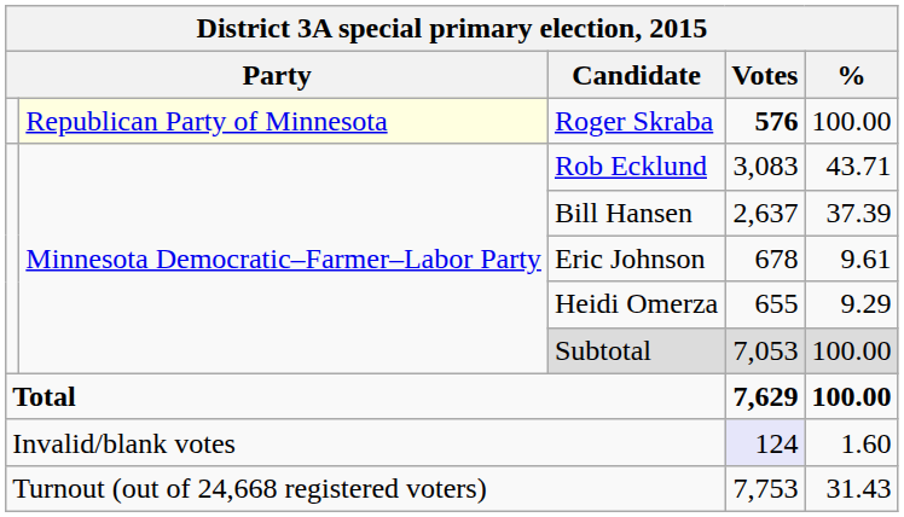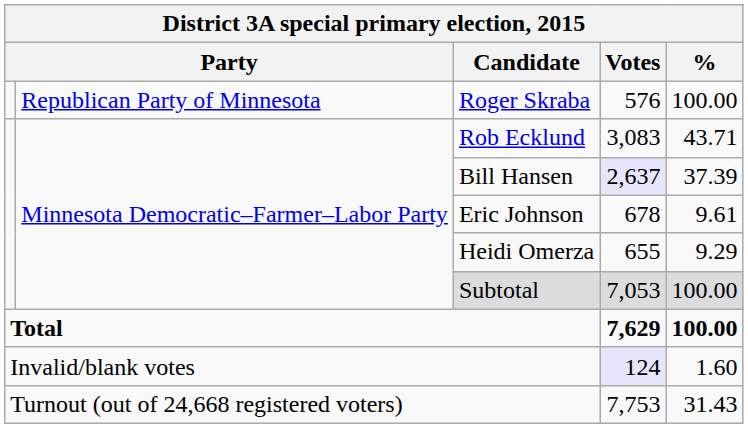 <table class="wikitable">
 <tr>
 <th colspan="5">District 3A special primary election, 2015</th>
 </tr>
 <tr>
 <th colspan="2">Party</th>
 <th>Candidate</th>
 <th>Votes</th>
 <th>%</th>
 </tr>
 <tr>
 <td rowspan="1" style="background-color:"></td>
-<td rowspan="1" style="background: lightyellow;"><a href='#'>Republican Party of Minnesota</a></td>
+<td rowspan="1"><a href='#'>Republican Party of Minnesota</a></td>
 <td><a href='#'>Roger Skraba</a></td>
-<td align="right"><strong>576</strong></td>
+<td align="right">576</td>
 <td align="right">100.00</td>
 </tr>
 <tr>
 <td rowspan="5" style="background-color:"></td>
 <td rowspan="5"><a href='#'>Minnesota Democratic–Farmer–Labor Party</a></td>
 <td><a href='#'>Rob Ecklund</a></td>
 <td align="right">3,083</td>
 <td align="right">43.71</td>
 </tr>
 <tr>
 <td>Bill Hansen</td>
-<td align="right">2,637</td>
+<td align="right" style="background: lavender;">2,637</td>
 <td align="right">37.39</td>
 </tr>
 <tr>
 <td>Eric Johnson</td>
 <td align="right">678</td>
 <td align="right">9.61</td>
 </tr>
 <tr>
 <td>Heidi Omerza</td>
 <td align="right">655</td>
 <td align="right">9.29</td>
 </tr>
 <tr>
 <td style="background-color:Gainsboro">Subtotal</td>
 <td style="background-color:Gainsboro" align="right">7,053</td>
 <td style="background-color:Gainsboro" align="right">100.00</td>
 </tr>
 <tr>
 <td colspan="3"><strong>Total</strong></td>
 <td align="right"><strong>7,629</strong></td>
 <td align="right"><strong>100.00</strong></td>
 </tr>
 <tr>
 <td colspan="3">Invalid/blank votes</td>
 <td align="right" style="background: lavender;">124</td>
 <td align="right">1.60</td>
 </tr>
 <tr>
 <td colspan="3">Turnout (out of 24,668 registered voters)</td>
 <td align="right">7,753</td>
 <td align="right">31.43</td>
 </tr>
 </table>
